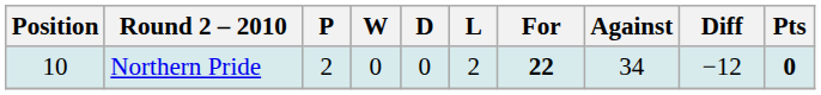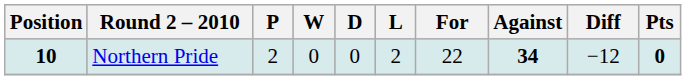 <table class="wikitable" style="text-align:center; font-size:85%;">
 <tr>
 <th width=40 abbr="Position">Position</th>
 <th width=100>Round 2 – 2010</th>
 <th width=20 abbr="Played">P</th>
 <th width=20 abbr="Won">W</th>
 <th width=20 abbr="Drawn">D</th>
 <th width=20 abbr="Lost">L</th>
 <th width=40 abbr="Points for">For</th>
 <th width=40 abbr="Points against">Against</th>
 <th width=40 abbr="Points difference">Diff</th>
 <th width=20 abbr="Points">Pts</th>
 </tr>
 <tr style="background: #d7ebed;">
-<td>10</td>
+<td><strong>10</strong></td>
 <td style="text-align:left;"> <a href='#'>Northern Pride</a></td>
 <td>2</td>
 <td>0</td>
 <td>0</td>
 <td>2</td>
-<td><strong>22</strong></td>
-<td>34</td>
+<td>22</td>
+<td><strong>34</strong></td>
 <td>−12</td>
 <td><strong>0</strong></td>
 </tr>
 <tr>
 </tr>
 </table>
